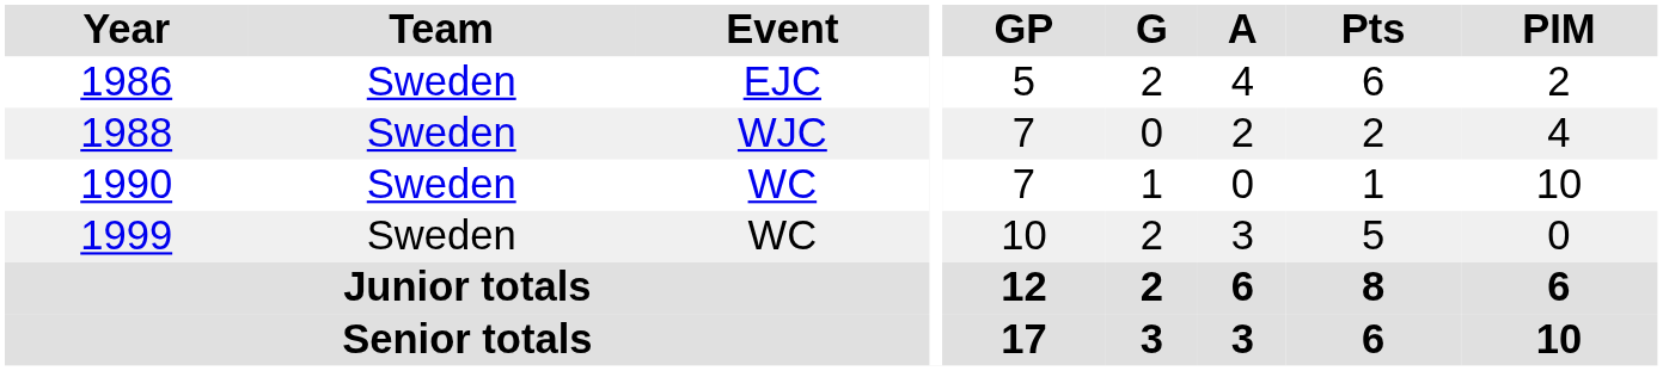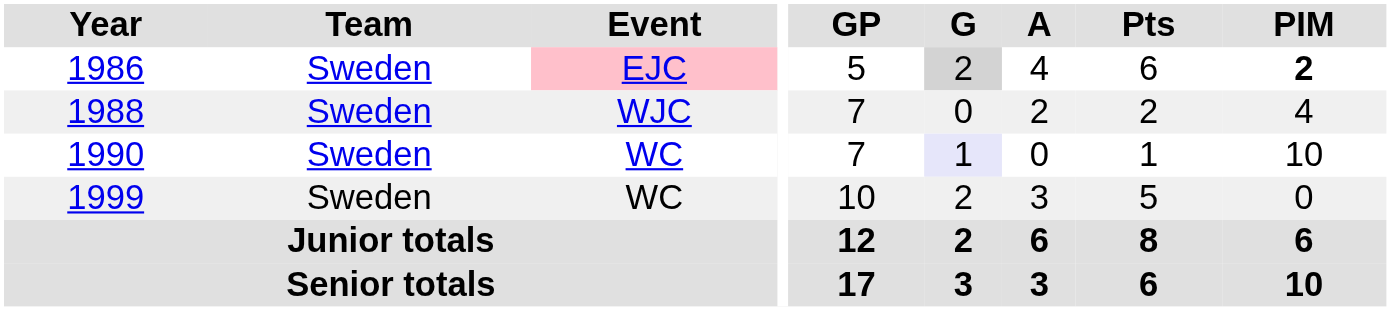 <table border="0" cellpadding="1" cellspacing="0" ID="Table3" style="text-align:center; width:40em">
 <tr bgcolor="#e0e0e0">
 <th>Year</th>
 <th>Team</th>
 <th>Event</th>
 <th rowspan="102" bgcolor="#ffffff"></th>
 <th>GP</th>
 <th>G</th>
 <th>A</th>
 <th>Pts</th>
 <th>PIM</th>
 </tr>
 <tr>
 <td><a href='#'>1986</a></td>
 <td><a href='#'>Sweden</a></td>
-<td><a href='#'>EJC</a></td>
+<td style="background: pink;"><a href='#'>EJC</a></td>
 <td>5</td>
-<td>2</td>
+<td style="background: lightgrey;">2</td>
 <td>4</td>
 <td>6</td>
-<td>2</td>
+<td><strong>2</strong></td>
 </tr>
 <tr bgcolor="#f0f0f0">
 <td><a href='#'>1988</a></td>
 <td><a href='#'>Sweden</a></td>
 <td><a href='#'>WJC</a></td>
 <td>7</td>
 <td>0</td>
 <td>2</td>
 <td>2</td>
 <td>4</td>
 </tr>
 <tr>
 <td><a href='#'>1990</a></td>
 <td><a href='#'>Sweden</a></td>
 <td><a href='#'>WC</a></td>
 <td>7</td>
-<td>1</td>
+<td style="background: lavender;">1</td>
 <td>0</td>
 <td>1</td>
 <td>10</td>
 </tr>
 <tr bgcolor="#f0f0f0">
 <td><a href='#'>1999</a></td>
 <td>Sweden</td>
 <td>WC</td>
 <td>10</td>
 <td>2</td>
 <td>3</td>
 <td>5</td>
 <td>0</td>
 </tr>
 <tr bgcolor="#e0e0e0">
 <th colspan="3">Junior totals</th>
 <th>12</th>
 <th>2</th>
 <th>6</th>
 <th>8</th>
 <th>6</th>
 </tr>
 <tr bgcolor="#e0e0e0">
 <th colspan="3">Senior totals</th>
 <th>17</th>
 <th>3</th>
 <th>3</th>
 <th>6</th>
 <th>10</th>
 </tr>
 </table>
